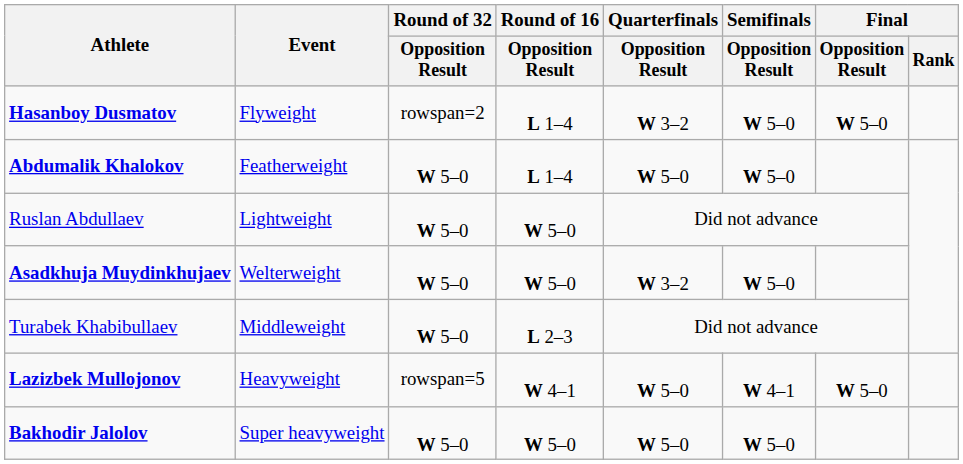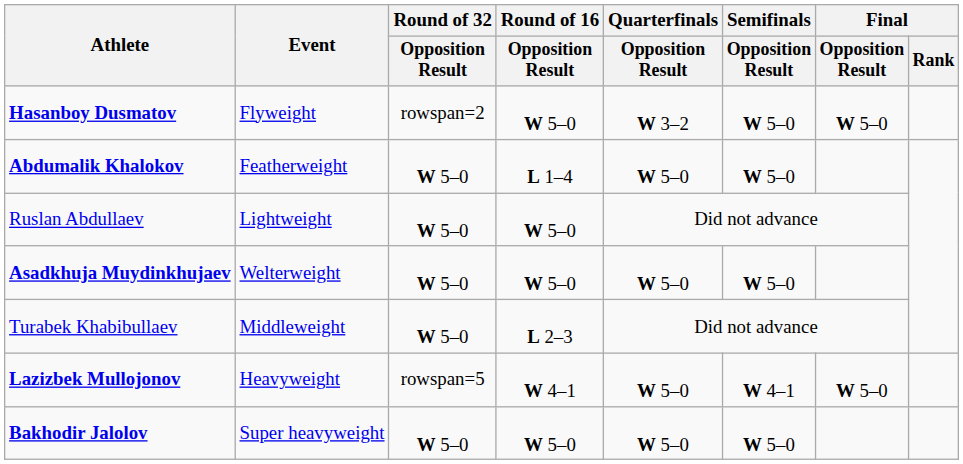 <table class="wikitable" style="font-size:90%">
 <tr>
 <th rowspan="2">Athlete</th>
 <th rowspan="2">Event</th>
 <th>Round of 32</th>
 <th>Round of 16</th>
 <th>Quarterfinals</th>
 <th>Semifinals</th>
 <th colspan=2>Final</th>
 </tr>
 <tr style="font-size:95%">
 <th>Opposition<br>Result</th>
 <th>Opposition<br>Result</th>
 <th>Opposition<br>Result</th>
 <th>Opposition<br>Result</th>
 <th>Opposition<br>Result</th>
 <th>Rank</th>
 </tr>
 <tr align=center>
 <td align=left><strong><a href='#'>Hasanboy Dusmatov</a></strong></td>
 <td align=left><a href='#'>Flyweight</a></td>
 <td>rowspan=2 </td>
-<td><br><strong>L</strong> 1–4</td>
+<td><br><strong>W</strong> 5–0</td>
 <td><br><strong>W</strong> 3–2</td>
 <td><br> <strong>W</strong> 5–0</td>
 <td><br> <strong>W</strong> 5–0</td>
 <td></td>
 </tr>
 <tr align=center>
 <td align=left><strong><a href='#'>Abdumalik Khalokov</a></strong></td>
 <td align=left><a href='#'>Featherweight</a></td>
 <td><br><strong>W</strong> 5–0</td>
 <td><br><strong>L</strong> 1–4</td>
 <td><br> <strong>W</strong> 5–0</td>
 <td><br> <strong>W</strong> 5–0</td>
 <td></td>
 </tr>
 <tr align=center>
 <td align=left><a href='#'>Ruslan Abdullaev</a></td>
 <td align=left><a href='#'>Lightweight</a></td>
 <td><br><strong>W</strong> 5–0</td>
 <td><br> <strong>W</strong> 5–0</td>
 <td colspan=3>Did not advance</td>
 </tr>
 <tr align=center>
 <td align=left><strong><a href='#'>Asadkhuja Muydinkhujaev</a></strong></td>
 <td align=left><a href='#'>Welterweight</a></td>
 <td><br><strong>W</strong> 5–0</td>
 <td><br><strong>W</strong> 5–0</td>
-<td><br> <strong>W</strong> 3–2</td>
+<td><br><strong>W</strong> 5–0</td>
 <td><br> <strong>W</strong> 5–0</td>
 <td></td>
 </tr>
 <tr align=center>
 <td align=left><a href='#'>Turabek Khabibullaev</a></td>
 <td align=left><a href='#'>Middleweight</a></td>
 <td><br><strong>W</strong> 5–0</td>
 <td><br><strong>L</strong> 2–3</td>
 <td colspan=3>Did not advance</td>
 </tr>
 <tr align=center>
 <td align=left><strong><a href='#'>Lazizbek Mullojonov</a></strong></td>
 <td align=left><a href='#'>Heavyweight</a></td>
 <td>rowspan=5 </td>
 <td><br><strong>W</strong> 4–1</td>
 <td><br><strong>W</strong> 5–0</td>
 <td><br><strong>W</strong> 4–1</td>
 <td><br><strong>W</strong> 5–0</td>
 <td></td>
 </tr>
 <tr align=center>
 <td align=left><strong><a href='#'>Bakhodir Jalolov</a></strong></td>
 <td align=left><a href='#'>Super heavyweight</a></td>
 <td><br><strong>W</strong> 5–0</td>
 <td><br><strong>W</strong> 5–0</td>
 <td><br> <strong>W</strong> 5–0</td>
 <td><br> <strong>W</strong> 5–0</td>
 <td></td>
 </tr>
 </table>
